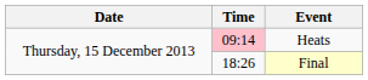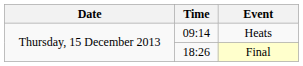 <table class = "wikitable" style="text-align:center;">
 <tr>
 <th width=220>Date</th>
 <th width=50>Time</th>
 <th width=100>Event</th>
 </tr>
 <tr>
 <td rowspan=2>Thursday, 15 December 2013</td>
-<td style="background: pink;">09:14</td>
+<td>09:14</td>
 <td>Heats</td>
 </tr>
 <tr>
 <td>18:26</td>
 <td bgcolor=ffffcc>Final</td>
 </tr>
 </table>
